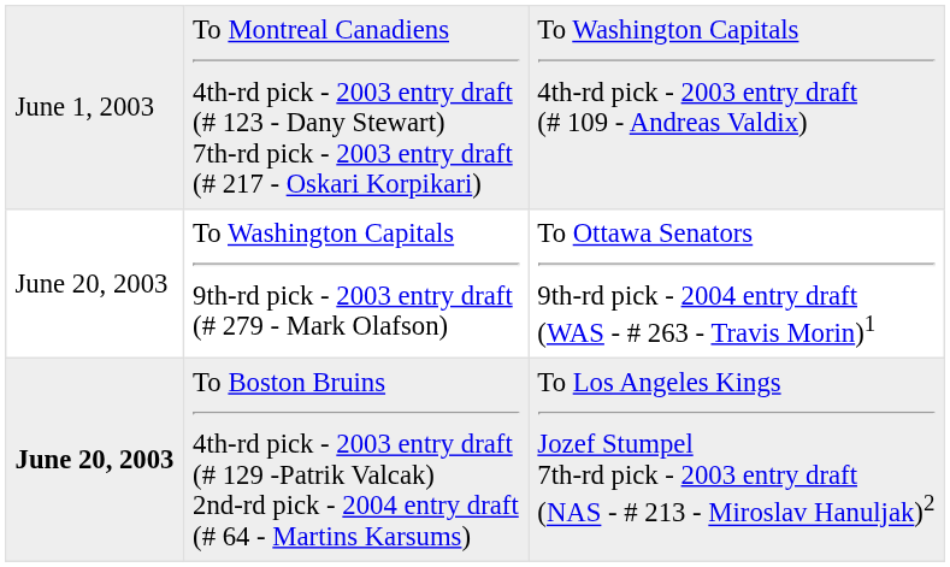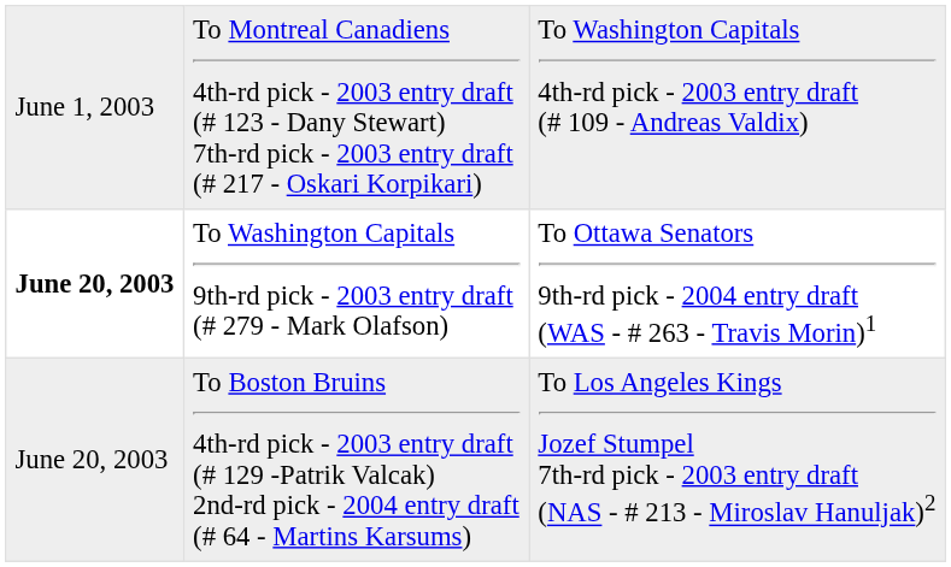 <table border=1 style="border-collapse:collapse" bordercolor="#DFDFDF"  cellpadding="5">
 <tr bgcolor="#eeeeee">
 <td>June 1, 2003</td>
 <td valign="top">To <a href='#'>Montreal Canadiens</a><hr>4th-rd pick - <a href='#'>2003 entry draft</a><br>(# 123 - Dany Stewart)<br>7th-rd pick - <a href='#'>2003 entry draft</a><br>(# 217 - <a href='#'>Oskari Korpikari</a>)</td>
 <td valign="top">To <a href='#'>Washington Capitals</a><hr>4th-rd pick - <a href='#'>2003 entry draft</a><br>(# 109 - <a href='#'>Andreas Valdix</a>)</td>
 </tr>
 <tr>
-<td>June 20, 2003</td>
+<td><strong>June 20, 2003</strong></td>
 <td valign="top">To <a href='#'>Washington Capitals</a><hr>9th-rd pick - <a href='#'>2003 entry draft</a><br>(# 279 - Mark Olafson)</td>
 <td valign="top">To <a href='#'>Ottawa Senators</a><hr>9th-rd pick - <a href='#'>2004 entry draft</a><br>(<a href='#'>WAS</a> - # 263 - <a href='#'>Travis Morin</a>)<sup>1</sup></td>
 </tr>
 <tr bgcolor="#eeeeee">
-<td><strong>June 20, 2003</strong></td>
+<td>June 20, 2003</td>
 <td valign="top">To <a href='#'>Boston Bruins</a><hr>4th-rd pick - <a href='#'>2003 entry draft</a><br>(# 129 -Patrik Valcak)<br>2nd-rd pick - <a href='#'>2004 entry draft</a><br>(# 64 - <a href='#'>Martins Karsums</a>)</td>
 <td valign="top">To <a href='#'>Los Angeles Kings</a><hr><a href='#'>Jozef Stumpel</a><br>7th-rd pick - <a href='#'>2003 entry draft</a><br>(<a href='#'>NAS</a> - # 213 -  <a href='#'>Miroslav Hanuljak</a>)<sup>2</sup></td>
 </tr>
 </table>
